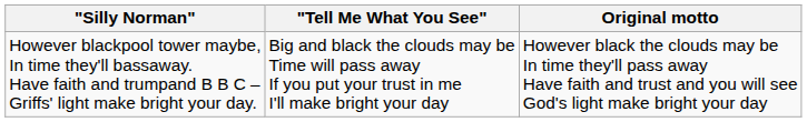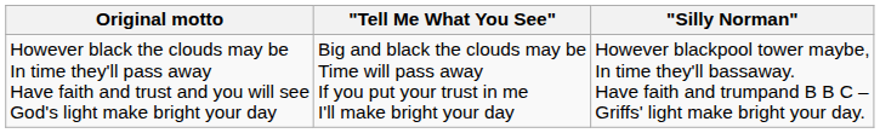 <table class="wikitable" style="margin-left: auto; margin-right: auto; border: none;">
 <tr>
+<th>Original motto</th>
+<th>"Tell Me What You See"</th>
 <th>"Silly Norman"</th>
-<th>"Tell Me What You See"</th>
-<th>Original motto</th>
 </tr>
 <tr>
+<td>However black the clouds may be<br>In time they'll pass away<br>Have faith and trust and you will see<br>God's light make bright your day</td>
+<td>Big and black the clouds may be<br>Time will pass away<br>If you put your trust in me<br>I'll make bright your day</td>
 <td>However blackpool tower maybe,<br>In time they'll bassaway.<br>Have faith and trumpand B B C –<br>Griffs' light make bright your day.</td>
-<td>Big and black the clouds may be<br>Time will pass away<br>If you put your trust in me<br>I'll make bright your day</td>
-<td>However black the clouds may be<br>In time they'll pass away<br>Have faith and trust and you will see<br>God's light make bright your day</td>
 </tr>
 </table>
